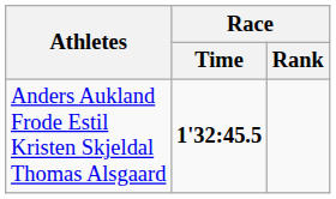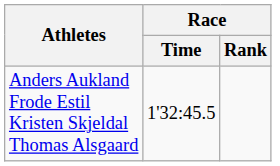 <table class="wikitable" border="1" style="font-size:90%">
 <tr>
 <th rowspan=2>Athletes</th>
 <th colspan=2>Race</th>
 </tr>
 <tr>
 <th>Time</th>
 <th>Rank</th>
 </tr>
 <tr>
 <td><a href='#'>Anders Aukland</a><br><a href='#'>Frode Estil</a><br><a href='#'>Kristen Skjeldal</a><br><a href='#'>Thomas Alsgaard</a></td>
-<td align=center><strong>1'32:45.5</strong></td>
+<td align=center>1'32:45.5</td>
 <td align=center></td>
 </tr>
 </table>
